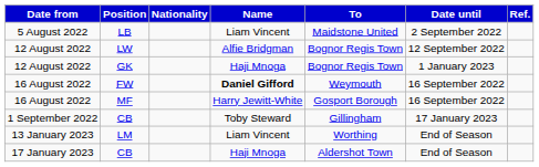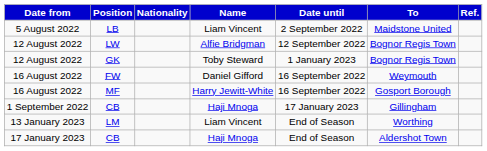 <table class="wikitable"  style="text-align:center; font-size:90%; ">
 <tr>
 <th style="background:mediumblue;color:white;">Date from</th>
 <th style="background:mediumblue;color:white;">Position</th>
 <th style="background:mediumblue;color:white;">Nationality</th>
 <th style="background:mediumblue;color:white;">Name</th>
+<th style="background:mediumblue;color:white;">Date until</th>
 <th style="background:mediumblue;color:white;">To</th>
-<th style="background:mediumblue;color:white;">Date until</th>
 <th style="background:mediumblue;color:white;">Ref.</th>
 </tr>
 <tr>
 <td>5 August 2022</td>
 <td><a href='#'>LB</a></td>
 <td></td>
 <td>Liam Vincent</td>
+<td>2 September 2022</td>
 <td> <a href='#'>Maidstone United</a></td>
-<td>2 September 2022</td>
 <td></td>
 </tr>
 <tr>
 <td>12 August 2022</td>
 <td><a href='#'>LW</a></td>
 <td></td>
 <td><a href='#'>Alfie Bridgman</a></td>
+<td>12 September 2022</td>
 <td> <a href='#'>Bognor Regis Town</a></td>
-<td>12 September 2022</td>
 <td></td>
 </tr>
 <tr>
 <td>12 August 2022</td>
 <td><a href='#'>GK</a></td>
 <td></td>
-<td><a href='#'>Haji Mnoga</a></td>
+<td>Toby Steward</td>
+<td>1 January 2023</td>
 <td> <a href='#'>Bognor Regis Town</a></td>
-<td>1 January 2023</td>
 <td></td>
 </tr>
 <tr>
 <td>16 August 2022</td>
 <td><a href='#'>FW</a></td>
 <td></td>
-<td><strong>Daniel Gifford</strong></td>
+<td>Daniel Gifford</td>
+<td>16 September 2022</td>
 <td> <a href='#'>Weymouth</a></td>
-<td>16 September 2022</td>
 <td></td>
 </tr>
 <tr>
 <td>16 August 2022</td>
 <td><a href='#'>MF</a></td>
 <td></td>
 <td><a href='#'>Harry Jewitt-White</a></td>
+<td>16 September 2022</td>
 <td> <a href='#'>Gosport Borough</a></td>
-<td>16 September 2022</td>
 <td></td>
 </tr>
 <tr>
 <td>1 September 2022</td>
 <td><a href='#'>CB</a></td>
 <td></td>
-<td>Toby Steward</td>
+<td><a href='#'>Haji Mnoga</a></td>
+<td>17 January 2023</td>
 <td> <a href='#'>Gillingham</a></td>
-<td>17 January 2023</td>
 <td></td>
 </tr>
 <tr>
 <td>13 January 2023</td>
 <td><a href='#'>LM</a></td>
 <td></td>
 <td>Liam Vincent</td>
+<td>End of Season</td>
 <td> <a href='#'>Worthing</a></td>
-<td>End of Season</td>
 <td></td>
 </tr>
 <tr>
 <td>17 January 2023</td>
 <td><a href='#'>CB</a></td>
 <td></td>
 <td><a href='#'>Haji Mnoga</a></td>
+<td>End of Season</td>
 <td> <a href='#'>Aldershot Town</a></td>
-<td>End of Season</td>
 <td></td>
 </tr>
 </table>
